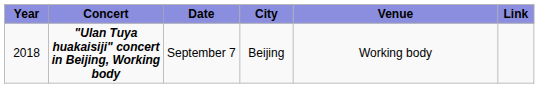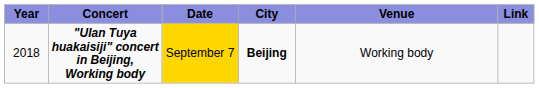 <table class="wikitable sortable mw-collapsible" width="80%" style="text-align:center">
 <tr align="center" style="background:#8B8EDE">
 <td style="width:2%"><strong>Year</strong></td>
 <td style="width:8%"><strong>Concert</strong></td>
 <td style="width:2%"><strong>Date</strong></td>
 <td style="width:2%"><strong>City</strong></td>
 <td style="width:18%"><strong>Venue</strong></td>
 <td style="width:1%"><strong>Link</strong></td>
 </tr>
 <tr>
 <td rowspan="2">2018</td>
 <td rowspan="2"><strong><em>"Ulan Tuya huakaisiji" concert in Beijing, Working body</em></strong></td>
-<td>September 7</td>
-<td>Beijing</td>
+<td style="background: gold;">September 7</td>
+<td><strong>Beijing</strong></td>
 <td>Working body</td>
 <td></td>
 </tr>
 </table>
